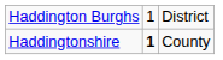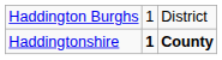 <table class="wikitable sortable">
 <tr>
 <td><a href='#'>Haddington Burghs</a></td>
 <td align="center">1</td>
 <td>District</td>
 </tr>
 <tr>
 <td><a href='#'>Haddingtonshire</a></td>
 <td align="center"><strong>1</strong></td>
-<td>County</td>
+<td><strong>County</strong></td>
 </tr>
 </table>
